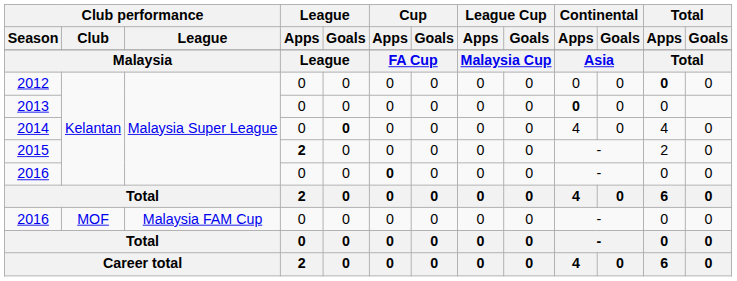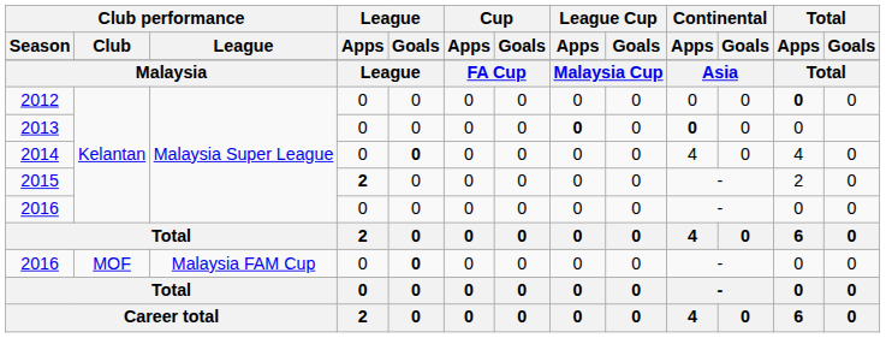 <table class="wikitable" style="text-align:center">
 <tr>
 <th colspan=3>Club performance</th>
 <th colspan=2>League</th>
 <th colspan=2>Cup</th>
 <th colspan=2>League Cup</th>
 <th colspan=2>Continental</th>
 <th colspan=2>Total</th>
 </tr>
 <tr>
 <th>Season</th>
 <th>Club</th>
 <th>League</th>
 <th>Apps</th>
 <th>Goals</th>
 <th>Apps</th>
 <th>Goals</th>
 <th>Apps</th>
 <th>Goals</th>
 <th>Apps</th>
 <th>Goals</th>
 <th>Apps</th>
 <th>Goals</th>
 </tr>
 <tr>
 </tr>
 <tr>
 <th colspan=3>Malaysia</th>
 <th colspan=2>League</th>
 <th colspan=2><a href='#'>FA Cup</a></th>
 <th colspan=2><a href='#'>Malaysia Cup</a></th>
 <th colspan=2><a href='#'>Asia</a></th>
 <th colspan=2>Total</th>
 </tr>
 <tr>
 <td><a href='#'>2012</a></td>
 <td rowspan="5"><a href='#'>Kelantan</a></td>
 <td rowspan="5"><a href='#'>Malaysia Super League</a></td>
 <td>0</td>
 <td>0</td>
 <td>0</td>
 <td>0</td>
 <td>0</td>
 <td>0</td>
 <td>0</td>
 <td>0</td>
 <td><strong>0</strong></td>
 <td>0</td>
 </tr>
 <tr>
 <td><a href='#'>2013</a></td>
 <td>0</td>
 <td>0</td>
 <td>0</td>
 <td>0</td>
-<td>0</td>
+<td><strong>0</strong></td>
 <td>0</td>
 <td><strong>0</strong></td>
 <td>0</td>
 <td>0</td>
 <td></td>
 </tr>
 <tr>
 <td><a href='#'>2014</a></td>
 <td>0</td>
 <td><strong>0</strong></td>
 <td>0</td>
 <td>0</td>
 <td>0</td>
 <td>0</td>
 <td>4</td>
 <td>0</td>
 <td>4</td>
 <td>0</td>
 </tr>
 <tr>
 <td><a href='#'>2015</a></td>
 <td><strong>2</strong></td>
 <td>0</td>
 <td>0</td>
 <td>0</td>
 <td>0</td>
 <td>0</td>
 <td colspan="2">-</td>
 <td>2</td>
 <td>0</td>
 </tr>
 <tr>
 <td><a href='#'>2016</a></td>
 <td>0</td>
 <td>0</td>
-<td><strong>0</strong></td>
+<td>0</td>
 <td>0</td>
 <td>0</td>
 <td>0</td>
 <td colspan="2">-</td>
 <td>0</td>
 <td>0</td>
 </tr>
 <tr>
 <th colspan=3>Total</th>
 <th>2</th>
 <th>0</th>
 <th>0</th>
 <th>0</th>
 <th>0</th>
 <th>0</th>
 <th>4</th>
 <th>0</th>
 <th>6</th>
 <th>0</th>
 </tr>
 <tr>
 <td><a href='#'>2016</a></td>
 <td rowspan="1"><a href='#'>MOF</a></td>
 <td rowspan="1"><a href='#'>Malaysia FAM Cup</a></td>
 <td>0</td>
-<td>0</td>
+<td><strong>0</strong></td>
 <td>0</td>
 <td>0</td>
 <td>0</td>
 <td>0</td>
 <td colspan="2">-</td>
 <td>0</td>
 <td>0</td>
 </tr>
 <tr>
 <th colspan=3>Total</th>
 <th>0</th>
 <th>0</th>
 <th>0</th>
 <th>0</th>
 <th>0</th>
 <th>0</th>
 <th colspan="2">-</th>
 <th>0</th>
 <th>0</th>
 </tr>
 <tr>
 <th colspan=3>Career total</th>
 <th>2</th>
 <th>0</th>
 <th>0</th>
 <th>0</th>
 <th>0</th>
 <th>0</th>
 <th>4</th>
 <th>0</th>
 <th>6</th>
 <th>0</th>
 </tr>
 </table>
